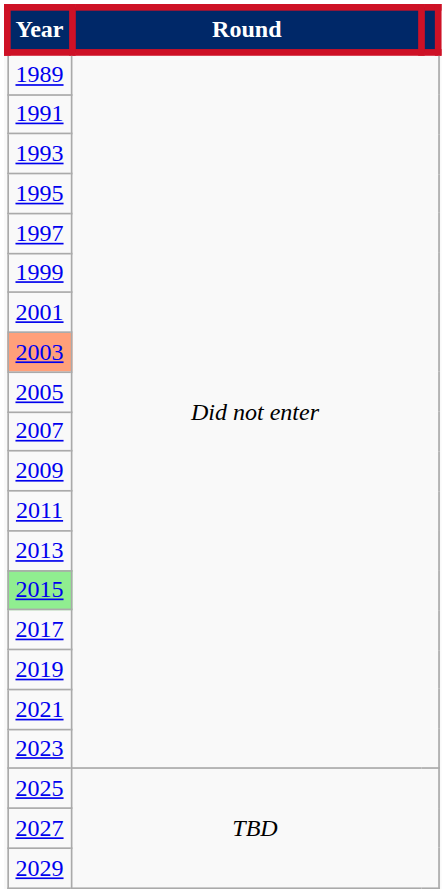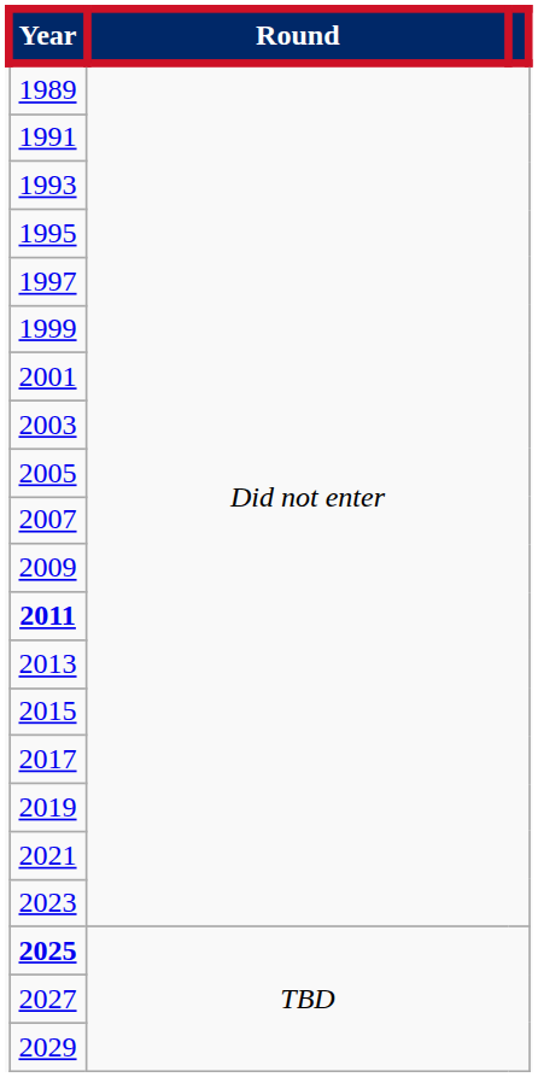 <table class="wikitable" style="text-align: center; font-size:90%">
 <tr style="color:white;">
 <th style="background:#002868; border: 4px solid #CE1126; ">Year</th>
 <th style="background:#002868; border: 4px solid #CE1126; width:200px">Round</th>
 <th style="background:#002868; border: 4px solid #CE1126;"></th>
 </tr>
 <tr>
 <td><a href='#'>1989</a></td>
 <td colspan="2" rowspan="18"><em>Did not enter</em></td>
 </tr>
 <tr>
 <td><a href='#'>1991</a></td>
 </tr>
 <tr>
 <td><a href='#'>1993</a></td>
 </tr>
 <tr>
 <td><a href='#'>1995</a></td>
 </tr>
 <tr>
 <td><a href='#'>1997</a></td>
 </tr>
 <tr>
 <td><a href='#'>1999</a></td>
 </tr>
 <tr>
 <td><a href='#'>2001</a></td>
 </tr>
 <tr>
-<td style="background: lightsalmon;"><a href='#'>2003</a></td>
+<td><a href='#'>2003</a></td>
 </tr>
 <tr>
 <td><a href='#'>2005</a></td>
 </tr>
 <tr>
 <td><a href='#'>2007</a></td>
 </tr>
 <tr>
 <td><a href='#'>2009</a></td>
 </tr>
 <tr>
-<td><a href='#'>2011</a></td>
+<td><strong><a href='#'>2011</a></strong></td>
 </tr>
 <tr>
 <td><a href='#'>2013</a></td>
 </tr>
 <tr>
-<td style="background: lightgreen;"><a href='#'>2015</a></td>
+<td><a href='#'>2015</a></td>
 </tr>
 <tr>
 <td><a href='#'>2017</a></td>
 </tr>
 <tr>
 <td><a href='#'>2019</a></td>
 </tr>
 <tr>
 <td><a href='#'>2021</a></td>
 </tr>
 <tr>
 <td><a href='#'>2023</a></td>
 </tr>
 <tr>
-<td><a href='#'>2025</a></td>
+<td><strong><a href='#'>2025</a></strong></td>
 <td colspan="2" rowspan="3"><em>TBD</em></td>
 </tr>
 <tr>
 <td><a href='#'>2027</a></td>
 </tr>
 <tr>
 <td><a href='#'>2029</a></td>
 </tr>
 </table>
